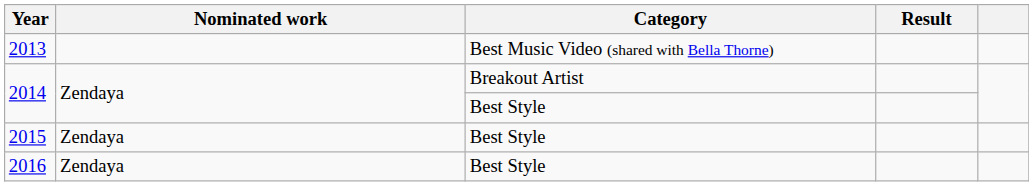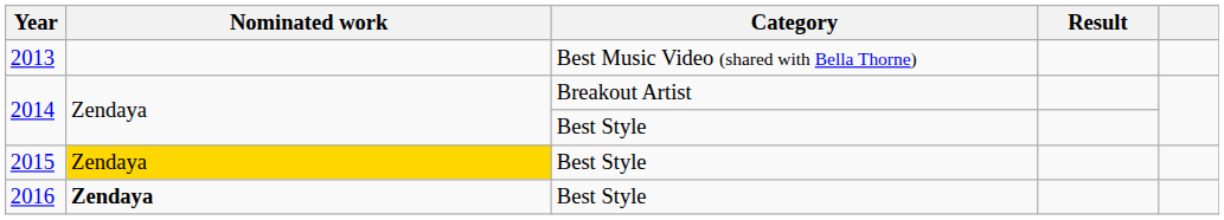 <table class="wikitable plainrowheaders" style="width:100%;">
 <tr>
 <th scope="col" style="width:5%;">Year</th>
 <th scope="col" style="width:40%;">Nominated work</th>
 <th scope="col" style="width:40%;">Category</th>
 <th scope="col" style="width:10%;">Result</th>
 <th scope="col" style="width:5%;"></th>
 </tr>
 <tr>
 <td><a href='#'>2013</a></td>
 <td></td>
 <td>Best Music Video <small>(shared with <a href='#'>Bella Thorne</a>)</small></td>
 <td></td>
 <td style="text-align:center;"></td>
 </tr>
 <tr>
 <td rowspan="2"><a href='#'>2014</a></td>
 <td rowspan="2">Zendaya</td>
 <td>Breakout Artist</td>
 <td></td>
 <td style="text-align:center;" rowspan="2"><br></td>
 </tr>
 <tr>
 <td>Best Style</td>
 <td></td>
 </tr>
 <tr>
 <td><a href='#'>2015</a></td>
-<td>Zendaya</td>
+<td style="background: gold;">Zendaya</td>
 <td>Best Style</td>
 <td></td>
 <td style="text-align:center;"></td>
 </tr>
 <tr>
 <td><a href='#'>2016</a></td>
-<td>Zendaya</td>
+<td><strong>Zendaya</strong></td>
 <td>Best Style</td>
 <td></td>
 <td style="text-align:center;"></td>
 </tr>
 </table>
